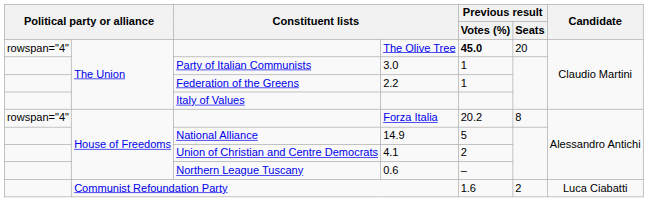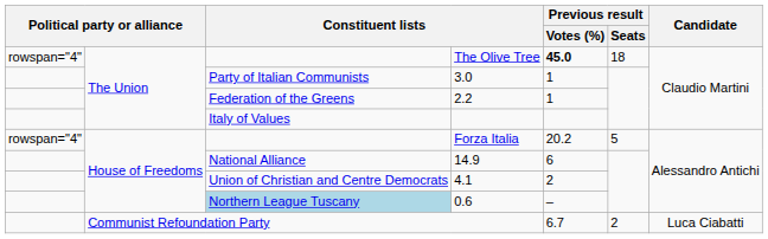 <table class="wikitable" style="text-align:left">
 <tr>
 <th colspan=2 rowspan="2">Political party or alliance</th>
 <th colspan=2 rowspan="2">Constituent lists</th>
 <th colspan="2">Previous result</th>
 <th rowspan="2">Candidate</th>
 </tr>
 <tr>
 <th>Votes (%)</th>
 <th>Seats</th>
 </tr>
 <tr>
 <td>rowspan="4" </td>
 <td rowspan="4"><a href='#'>The Union</a></td>
 <td></td>
 <td style="text-align:left;"><a href='#'>The Olive Tree</a></td>
 <td><strong>45.0</strong></td>
-<td>20</td>
+<td>18</td>
 <td rowspan="4" style="text-align: center;">Claudio Martini</td>
 </tr>
 <tr>
 <td></td>
 <td><a href='#'>Party of Italian Communists</a></td>
 <td>3.0</td>
 <td>1</td>
 </tr>
 <tr>
 <td></td>
 <td><a href='#'>Federation of the Greens</a></td>
 <td>2.2</td>
 <td>1</td>
 </tr>
 <tr>
 <td></td>
 <td><a href='#'>Italy of Values</a></td>
 <td></td>
 <td></td>
 </tr>
 <tr>
 <td>rowspan="4" </td>
 <td rowspan=4><a href='#'>House of Freedoms</a></td>
 <td></td>
 <td style="text-align:left;"><a href='#'>Forza Italia</a></td>
 <td>20.2</td>
-<td>8</td>
+<td>5</td>
 <td rowspan="4" style="text-align: center;">Alessandro Antichi</td>
 </tr>
 <tr>
 <td></td>
 <td style="text-align:left;"><a href='#'>National Alliance</a></td>
 <td>14.9</td>
-<td>5</td>
+<td>6</td>
 </tr>
 <tr>
 <td></td>
 <td style="text-align:left;"><a href='#'>Union of Christian and Centre Democrats</a></td>
 <td>4.1</td>
 <td>2</td>
 </tr>
 <tr>
 <td></td>
-<td style="text-align:left;"><a href='#'>Northern League Tuscany</a></td>
+<td style="background: lightblue; text-align:left;"><a href='#'>Northern League Tuscany</a></td>
 <td>0.6</td>
 <td>–</td>
 </tr>
 <tr>
 <td></td>
 <td colspan="3"><a href='#'>Communist Refoundation Party</a></td>
-<td>1.6</td>
+<td>6.7</td>
 <td>2</td>
 <td style="text-align: center;">Luca Ciabatti</td>
 </tr>
 </table>
